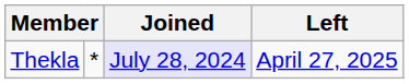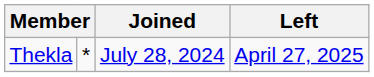 <table class="wikitable" style="text-align:center;">
 <tr>
 <th colspan="2">Member</th>
 <th>Joined</th>
 <th>Left</th>
 </tr>
 <tr>
 <td><a href='#'>Thekla</a></td>
 <td>*</td>
-<td style="background: lavender;"><a href='#'>July 28, 2024</a></td>
+<td><a href='#'>July 28, 2024</a></td>
 <td><a href='#'>April 27, 2025</a></td>
 </tr>
 </table>
